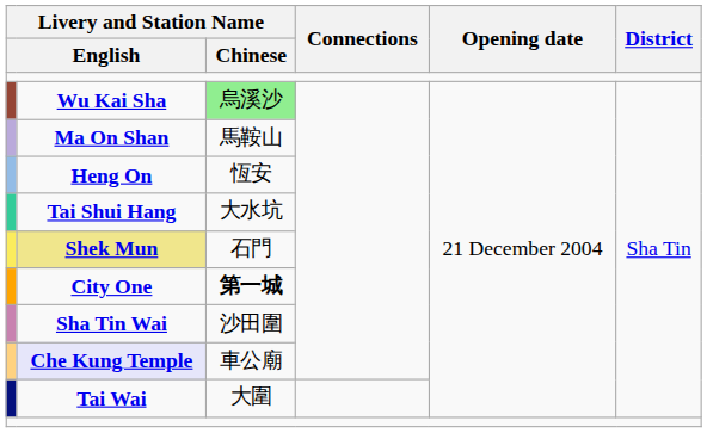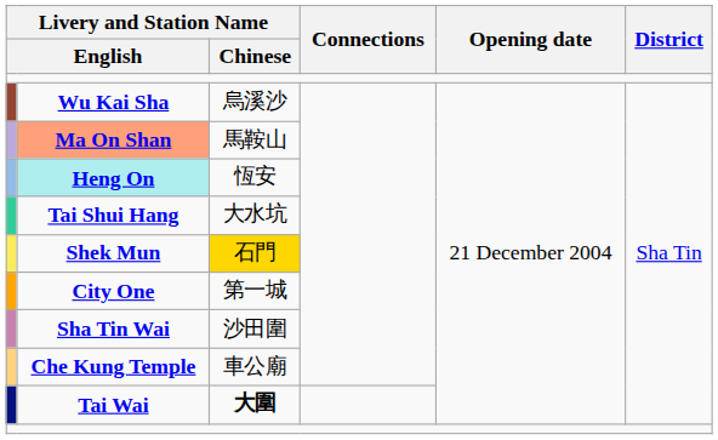 <table class="wikitable" style="width: 60%; margin: 0.5em auto; text-align: center;">
 <tr>
 <th colspan="3">Livery and Station Name</th>
 <th rowspan="2">Connections</th>
 <th rowspan="2">Opening date</th>
 <th rowspan="2"><a href='#'>District</a></th>
 </tr>
 <tr>
 <th colspan="2">English</th>
 <th>Chinese</th>
 </tr>
 <tr>
 <td colspan="6"></td>
 </tr>
 <tr>
 <td style="background:#954535"></td>
 <td><strong><a href='#'>Wu Kai Sha</a></strong></td>
-<td style="background: lightgreen;">烏溪沙</td>
+<td>烏溪沙</td>
 <td rowspan="8"></td>
 <td rowspan="9">21 December 2004</td>
 <td rowspan="9"><a href='#'>Sha Tin</a></td>
 </tr>
 <tr>
 <td style="background:#BAAADB"></td>
-<td><strong><a href='#'>Ma On Shan</a></strong></td>
+<td style="background: lightsalmon;"><strong><a href='#'>Ma On Shan</a></strong></td>
 <td>馬鞍山</td>
 </tr>
 <tr>
 <td style="background:#93BCE6"></td>
-<td><strong><a href='#'>Heng On</a></strong></td>
+<td style="background: paleturquoise;"><strong><a href='#'>Heng On</a></strong></td>
 <td>恆安</td>
 </tr>
 <tr>
 <td style="background:#33CC99"></td>
 <td><strong><a href='#'>Tai Shui Hang</a></strong></td>
 <td>大水坑</td>
 </tr>
 <tr>
 <td style="background:#FBEC5D"></td>
-<td style="background: khaki;"><strong><a href='#'>Shek Mun</a></strong></td>
-<td>石門</td>
+<td><strong><a href='#'>Shek Mun</a></strong></td>
+<td style="background: gold;">石門</td>
 </tr>
 <tr>
 <td style="background:#FFA500"></td>
 <td><strong><a href='#'>City One</a></strong></td>
-<td><strong>第一城</strong></td>
+<td>第一城</td>
 </tr>
 <tr>
 <td style="background:#C882B0"></td>
 <td><strong><a href='#'>Sha Tin Wai</a></strong></td>
 <td>沙田圍</td>
 </tr>
 <tr>
 <td style="background:#FFD280"></td>
-<td style="background: lavender;"><strong><a href='#'>Che Kung Temple</a></strong></td>
+<td><strong><a href='#'>Che Kung Temple</a></strong></td>
 <td>車公廟</td>
 </tr>
 <tr>
 <td style="background:#05117E"></td>
 <td><strong><a href='#'>Tai Wai</a></strong></td>
-<td>大圍</td>
+<td><strong>大圍</strong></td>
 <td></td>
 </tr>
 <tr>
 <td colspan="6"></td>
 </tr>
 </table>
